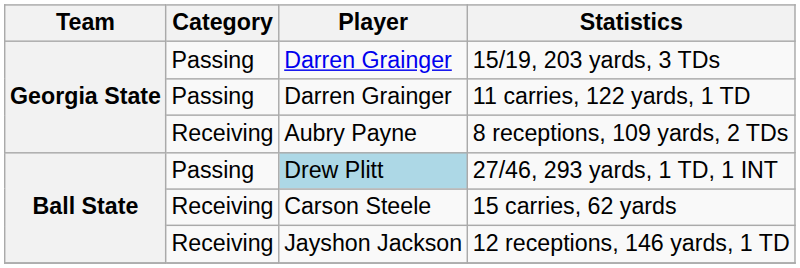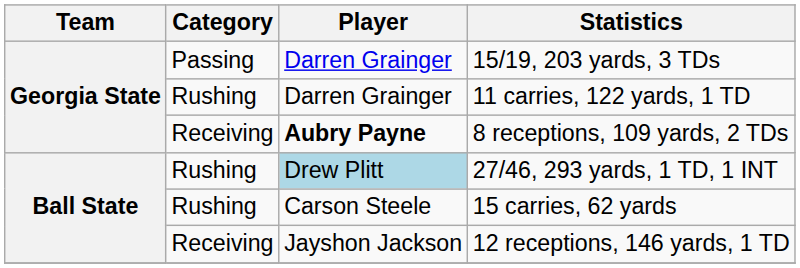 <table class="wikitable" style="float: left;">
 <tr>
 <th>Team</th>
 <th>Category</th>
 <th>Player</th>
 <th>Statistics</th>
 </tr>
 <tr>
 <th rowspan=3>Georgia State</th>
 <td>Passing</td>
 <td><a href='#'>Darren Grainger</a></td>
 <td>15/19, 203 yards, 3 TDs</td>
 </tr>
 <tr>
-<td>Passing</td>
+<td>Rushing</td>
 <td>Darren Grainger</td>
 <td>11 carries, 122 yards, 1 TD</td>
 </tr>
 <tr>
 <td>Receiving</td>
-<td>Aubry Payne</td>
+<td><strong>Aubry Payne</strong></td>
 <td>8 receptions, 109 yards, 2 TDs</td>
 </tr>
 <tr>
 <th rowspan=3 style=>Ball State</th>
-<td>Passing</td>
+<td>Rushing</td>
 <td style="background: lightblue;">Drew Plitt</td>
 <td>27/46, 293 yards, 1 TD, 1 INT</td>
 </tr>
 <tr>
-<td>Receiving</td>
+<td>Rushing</td>
 <td>Carson Steele</td>
 <td>15 carries, 62 yards</td>
 </tr>
 <tr>
 <td>Receiving</td>
 <td>Jayshon Jackson</td>
 <td>12 receptions, 146 yards, 1 TD</td>
 </tr>
 <tr>
 </tr>
 </table>
